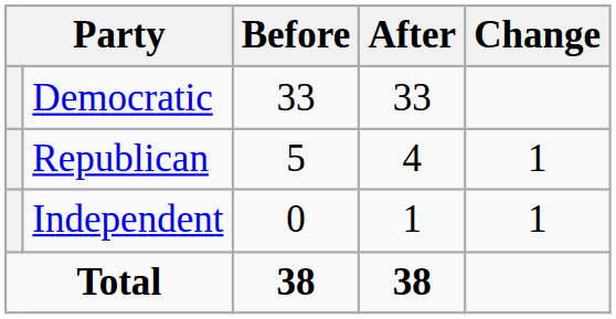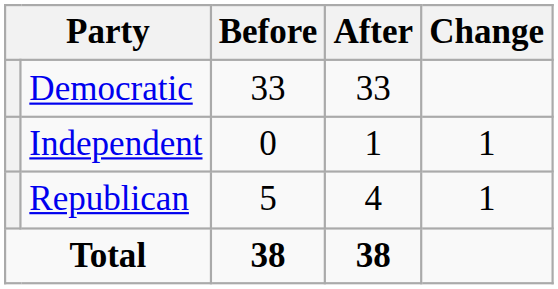 <table class="wikitable" style="text-align:center;">
 <tr>
 <th colspan="2">Party</th>
 <th>Before</th>
 <th>After</th>
 <th>Change</th>
 </tr>
 <tr>
 <th style="background-color:"></th>
 <td style="text-align:left;"><a href='#'>Democratic</a></td>
 <td>33</td>
 <td>33</td>
 <td></td>
 </tr>
 <tr>
 <th style="background-color:"></th>
-<td style="text-align:left;"><a href='#'>Republican</a></td>
-<td>5</td>
-<td>4</td>
+<td style="text-align:left;"><a href='#'>Independent</a></td>
+<td>0</td>
+<td>1</td>
 <td> 1</td>
 </tr>
 <tr>
 <th style="background-color:"></th>
-<td style="text-align:left;"><a href='#'>Independent</a></td>
-<td>0</td>
-<td>1</td>
+<td style="text-align:left;"><a href='#'>Republican</a></td>
+<td>5</td>
+<td>4</td>
 <td> 1</td>
 </tr>
 <tr>
 <td colspan="2"><strong>Total</strong></td>
 <td><strong>38</strong></td>
 <td><strong>38</strong></td>
 <td></td>
 </tr>
 </table>
